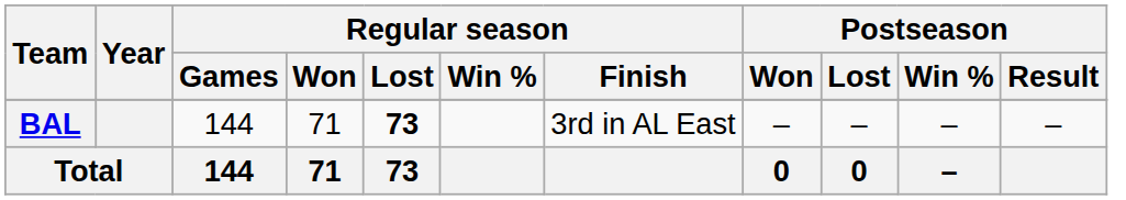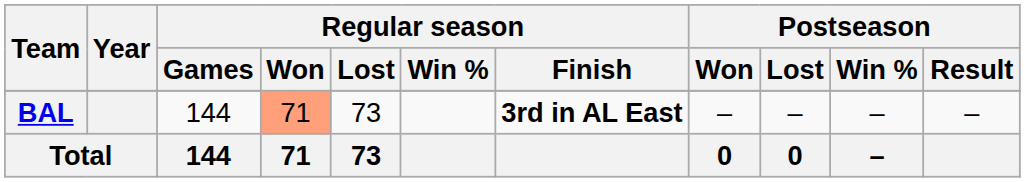 <table class="wikitable" style="font-size: 95%; text-align:center;">
 <tr>
 <th rowspan="2">Team</th>
 <th rowspan="2">Year</th>
 <th colspan="5">Regular season</th>
 <th colspan="4">Postseason</th>
 </tr>
 <tr>
 <th>Games</th>
 <th>Won</th>
 <th>Lost</th>
 <th>Win %</th>
 <th>Finish</th>
 <th>Won</th>
 <th>Lost</th>
 <th>Win %</th>
 <th>Result</th>
 </tr>
 <tr>
 </tr>
 <tr>
 <th><a href='#'>BAL</a></th>
 <th></th>
 <td>144</td>
-<td>71</td>
-<td><strong>73</strong></td>
+<td style="background: lightsalmon;">71</td>
+<td>73</td>
 <td></td>
-<td>3rd in AL East</td>
+<td><strong>3rd in AL East</strong></td>
 <td>–</td>
 <td>–</td>
 <td>–</td>
 <td>–</td>
 </tr>
 <tr>
 <th colspan="2">Total</th>
 <th>144</th>
 <th>71</th>
 <th>73</th>
 <th></th>
 <th></th>
 <th>0</th>
 <th>0</th>
 <th>–</th>
 <th></th>
 </tr>
 </table>
